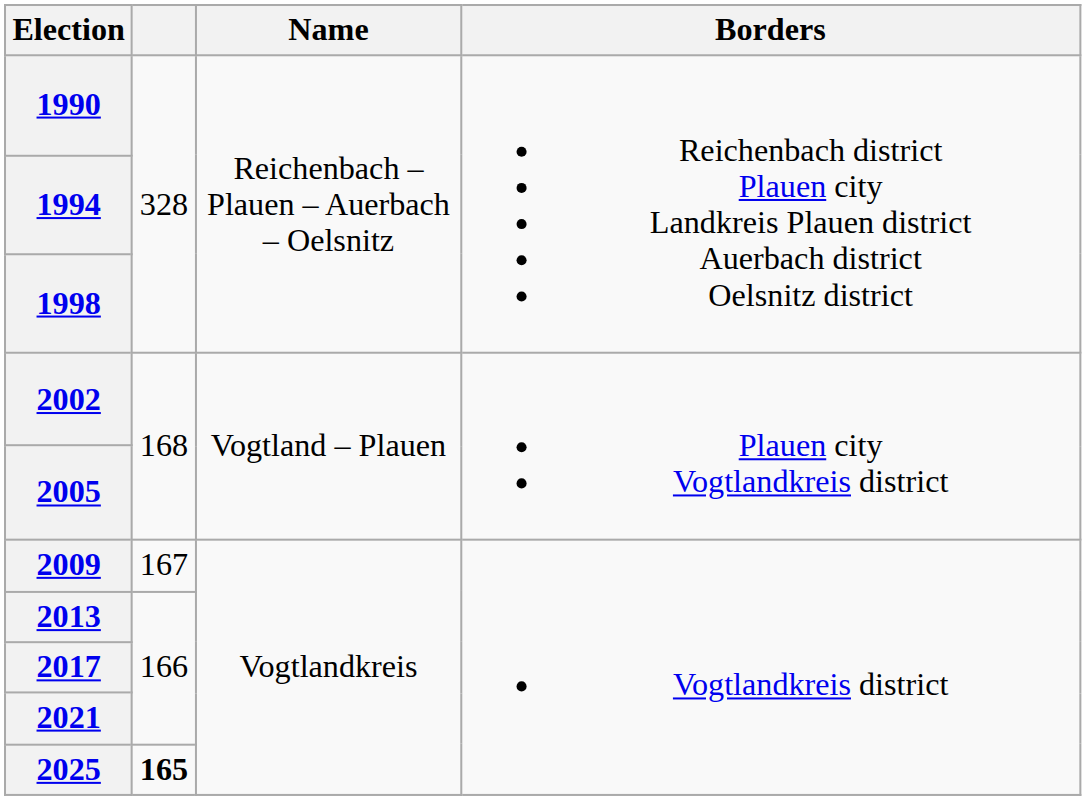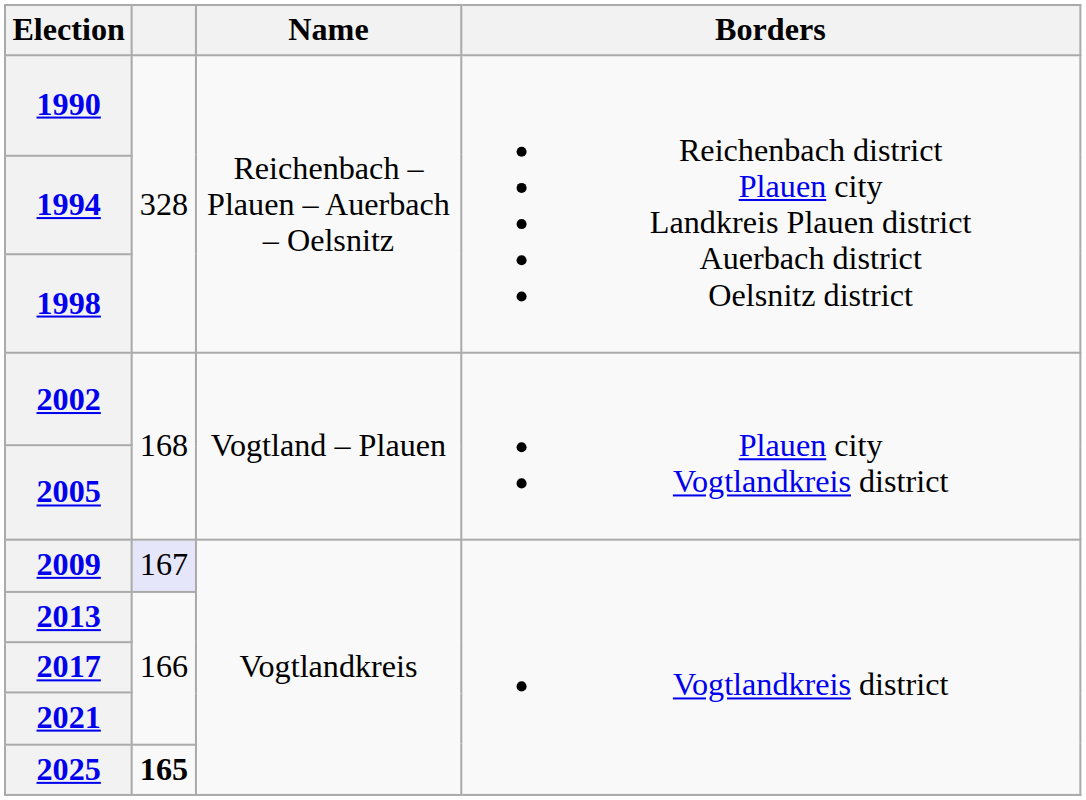 <table class=wikitable style="text-align:center">
 <tr>
 <th>Election</th>
 <th></th>
 <th width=125px>Name</th>
 <th width=300px>Borders</th>
 </tr>
 <tr>
 <th><a href='#'>1990</a></th>
 <td rowspan=3>328</td>
 <td rowspan=3>Reichenbach – Plauen – Auerbach – Oelsnitz</td>
 <td rowspan=3><br><ul><li>Reichenbach district</li><li><a href='#'>Plauen</a> city</li><li>Landkreis Plauen district</li><li>Auerbach district</li><li>Oelsnitz district</li></ul></td>
 </tr>
 <tr>
 <th><a href='#'>1994</a></th>
 </tr>
 <tr>
 <th><a href='#'>1998</a></th>
 </tr>
 <tr>
 <th><a href='#'>2002</a></th>
 <td rowspan=2>168</td>
 <td rowspan=2>Vogtland – Plauen</td>
 <td rowspan=2><br><ul><li><a href='#'>Plauen</a> city</li><li><a href='#'>Vogtlandkreis</a> district</li></ul></td>
 </tr>
 <tr>
 <th><a href='#'>2005</a></th>
 </tr>
 <tr>
 <th><a href='#'>2009</a></th>
-<td>167</td>
+<td style="background: lavender;">167</td>
 <td rowspan=5>Vogtlandkreis</td>
 <td rowspan=5><br><ul><li><a href='#'>Vogtlandkreis</a> district</li></ul></td>
 </tr>
 <tr>
 <th><a href='#'>2013</a></th>
 <td rowspan=3>166</td>
 </tr>
 <tr>
 <th><a href='#'>2017</a></th>
 </tr>
 <tr>
 <th><a href='#'>2021</a></th>
 </tr>
 <tr>
 <th><a href='#'>2025</a></th>
 <td><strong>165</strong></td>
 </tr>
 </table>
